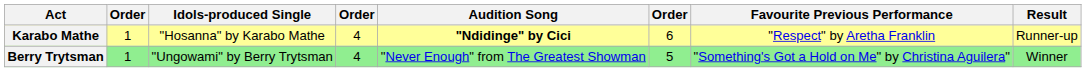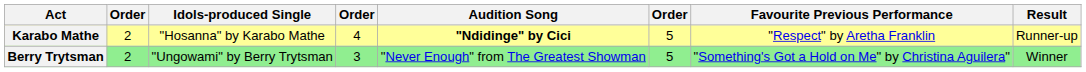 <table class="wikitable plainrowheaders" style="text-align:center;">
 <tr>
 <th scope"col">Act</th>
 <th scope"col">Order</th>
 <th scope"col">Idols-produced Single</th>
 <th scope"col">Order</th>
 <th scope"col">Audition Song</th>
 <th scope"col">Order</th>
 <th scope"col">Favourite Previous Performance</th>
 <th scope="col">Result</th>
 </tr>
 <tr style="background: #ff9">
 <th scope=row>Karabo Mathe</th>
-<td>1</td>
+<td>2</td>
 <td>"Hosanna" by Karabo Mathe</td>
 <td>4</td>
 <td><strong>"Ndidinge" by Cici</strong></td>
-<td>6</td>
+<td>5</td>
 <td>"<a href='#'>Respect</a>" by <a href='#'>Aretha Franklin</a></td>
 <td>Runner-up</td>
 </tr>
 <tr style="background: lightgreen">
 <th scope=row><strong>Berry Trytsman</strong></th>
-<td>1</td>
+<td>2</td>
 <td>"Ungowami" by Berry Trytsman</td>
-<td>4</td>
+<td>3</td>
 <td>"<a href='#'>Never Enough</a>" from <a href='#'>The Greatest Showman</a></td>
 <td>5</td>
 <td>"<a href='#'>Something's Got a Hold on Me</a>" by <a href='#'>Christina Aguilera</a>"</td>
 <td>Winner</td>
 </tr>
 </table>
